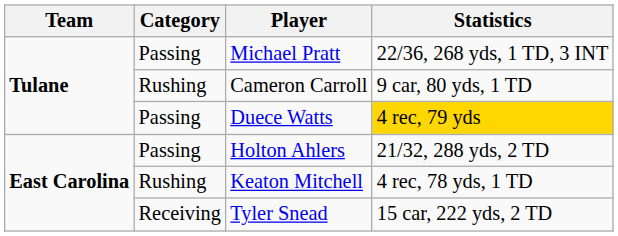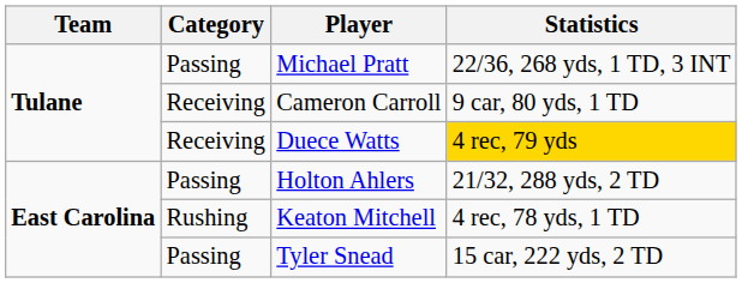 <table class="wikitable" style="float: left;">
 <tr>
 <th>Team</th>
 <th>Category</th>
 <th>Player</th>
 <th>Statistics</th>
 </tr>
 <tr>
 <td rowspan=3><strong>Tulane</strong></td>
 <td>Passing</td>
 <td><a href='#'>Michael Pratt</a></td>
 <td>22/36, 268 yds, 1 TD, 3 INT</td>
 </tr>
 <tr>
-<td>Rushing</td>
+<td>Receiving</td>
 <td>Cameron Carroll</td>
 <td>9 car, 80 yds, 1 TD</td>
 </tr>
 <tr>
-<td>Passing</td>
+<td>Receiving</td>
 <td><a href='#'>Duece Watts</a></td>
 <td style="background: gold;">4 rec, 79 yds</td>
 </tr>
 <tr>
 <td rowspan=3><strong>East Carolina</strong></td>
 <td>Passing</td>
 <td><a href='#'>Holton Ahlers</a></td>
 <td>21/32, 288 yds, 2 TD</td>
 </tr>
 <tr>
 <td>Rushing</td>
 <td><a href='#'>Keaton Mitchell</a></td>
 <td>4 rec, 78 yds, 1 TD</td>
 </tr>
 <tr>
-<td>Receiving</td>
+<td>Passing</td>
 <td><a href='#'>Tyler Snead</a></td>
 <td>15 car, 222 yds, 2 TD</td>
 </tr>
 </table>
